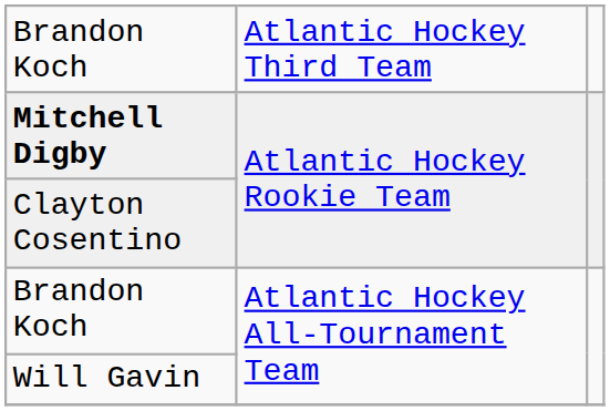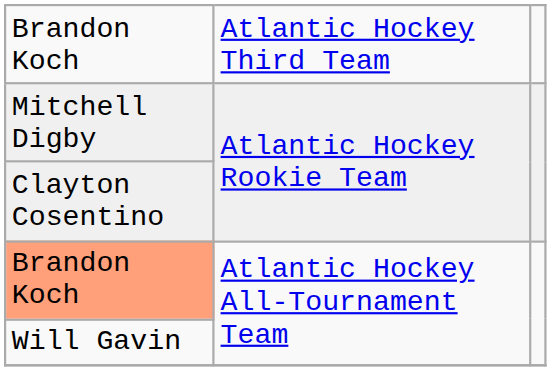 <table class="wikitable" width=40%>
 <tr>
 <td>Brandon Koch</td>
 <td rowspan=1><a href='#'>Atlantic Hockey Third Team</a></td>
 <td rowspan=1></td>
 </tr>
 <tr bgcolor=f0f0f0>
-<td><strong>Mitchell Digby</strong></td>
+<td>Mitchell Digby</td>
 <td rowspan=2><a href='#'>Atlantic Hockey Rookie Team</a></td>
 <td rowspan=2></td>
 </tr>
 <tr bgcolor=f0f0f0>
 <td>Clayton Cosentino</td>
 </tr>
 <tr>
-<td>Brandon Koch</td>
+<td style="background: lightsalmon;">Brandon Koch</td>
 <td rowspan=2><a href='#'>Atlantic Hockey All-Tournament Team</a></td>
 <td rowspan=2></td>
 </tr>
 <tr>
 <td>Will Gavin</td>
 </tr>
 <tr>
 </tr>
 </table>
